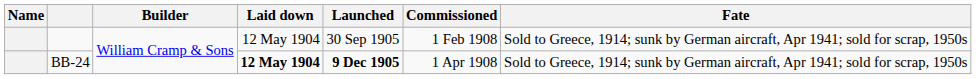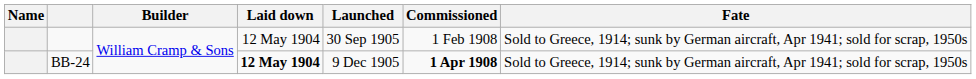 <table class="wikitable plainrowheaders">
 <tr>
 <th scope="col">Name</th>
 <th scope="col"></th>
 <th scope="col">Builder</th>
 <th scope="col">Laid down</th>
 <th scope="col">Launched</th>
 <th scope="col">Commissioned</th>
 <th scope="col">Fate</th>
 </tr>
 <tr>
 <th scope="row"></th>
 <td></td>
 <td rowspan=2><a href='#'>William Cramp & Sons</a></td>
 <td style="text-align: right;">12 May 1904</td>
 <td style="text-align: right;">30 Sep 1905</td>
 <td style="text-align: right;">1 Feb 1908</td>
 <td>Sold to Greece, 1914; sunk by German aircraft, Apr 1941; sold for scrap, 1950s</td>
 </tr>
 <tr>
 <th scope="row"></th>
 <td>BB-24</td>
 <td style="text-align: right;"><strong>12 May 1904</strong></td>
-<td style="text-align: right;"><strong>9 Dec 1905</strong></td>
-<td style="text-align: right;">1 Apr 1908</td>
+<td style="text-align: right;">9 Dec 1905</td>
+<td style="text-align: right;"><strong>1 Apr 1908</strong></td>
 <td>Sold to Greece, 1914; sunk by German aircraft, Apr 1941; sold for scrap, 1950s</td>
 </tr>
 </table>
